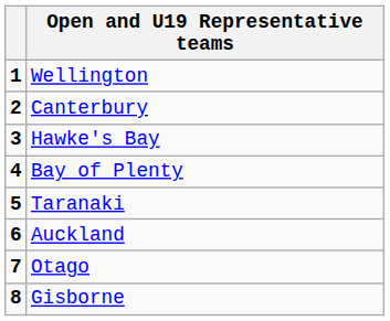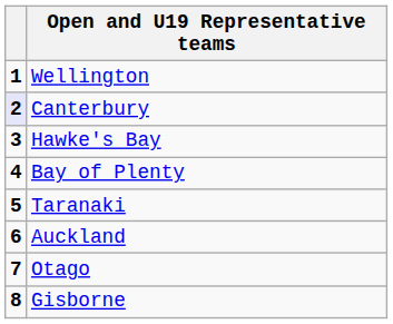 <table class="wikitable" border="1" align=left width=20%>
 <tr>
 <th></th>
 <th>Open and U19 Representative teams</th>
 </tr>
 <tr>
 <td align=center><strong>1</strong></td>
 <td> <a href='#'>Wellington</a></td>
 </tr>
 <tr>
-<td align=center><strong>2</strong></td>
+<td align=center style="background: lavender;"><strong>2</strong></td>
 <td> <a href='#'>Canterbury</a></td>
 </tr>
 <tr>
 <td align=center><strong>3</strong></td>
 <td> <a href='#'>Hawke's Bay</a></td>
 </tr>
 <tr>
 <td align=center><strong>4</strong></td>
 <td> <a href='#'>Bay of Plenty</a></td>
 </tr>
 <tr>
 <td align=center><strong>5</strong></td>
 <td> <a href='#'>Taranaki</a></td>
 </tr>
 <tr>
 <td align=center><strong>6</strong></td>
 <td> <a href='#'>Auckland</a></td>
 </tr>
 <tr>
 <td align=center><strong>7</strong></td>
 <td> <a href='#'>Otago</a></td>
 </tr>
 <tr>
 <td align=><strong>8</strong></td>
 <td> <a href='#'>Gisborne</a></td>
 </tr>
 </table>
